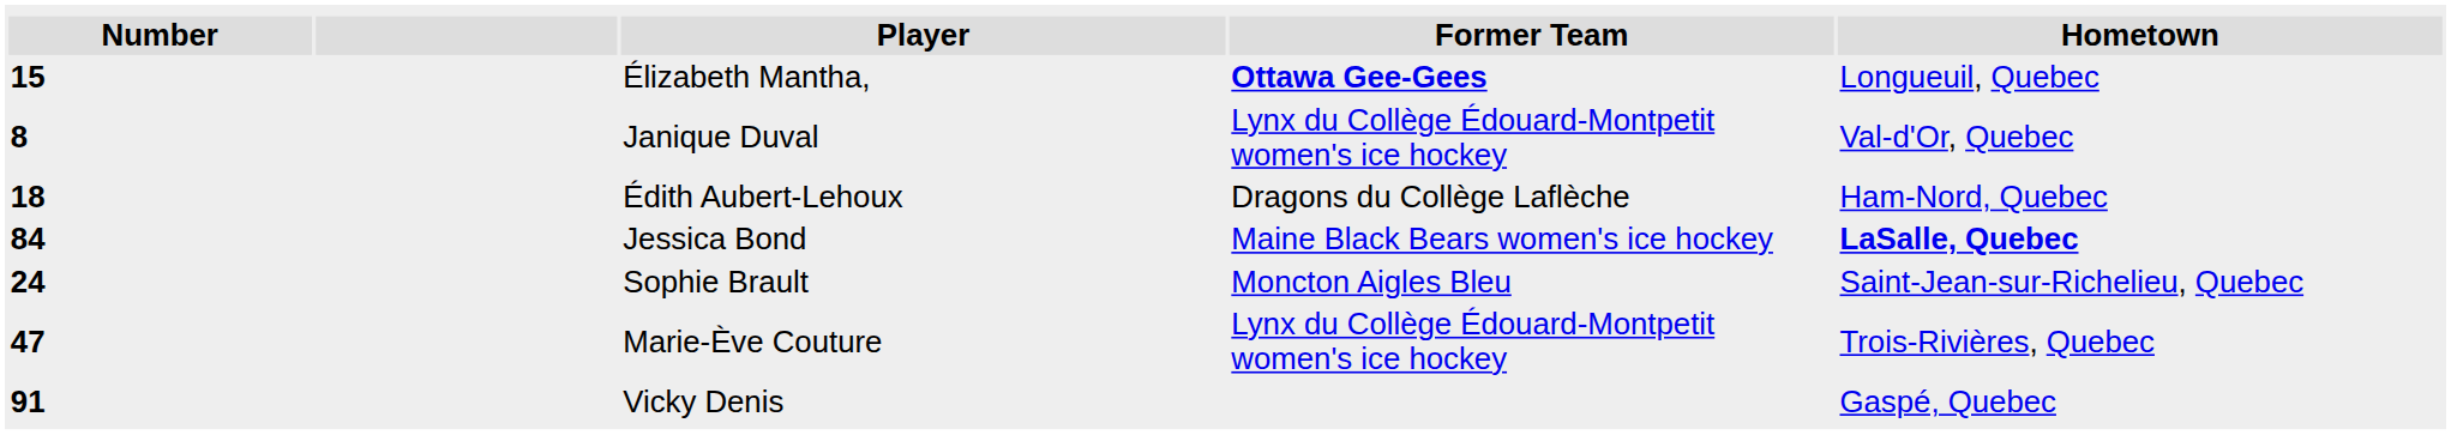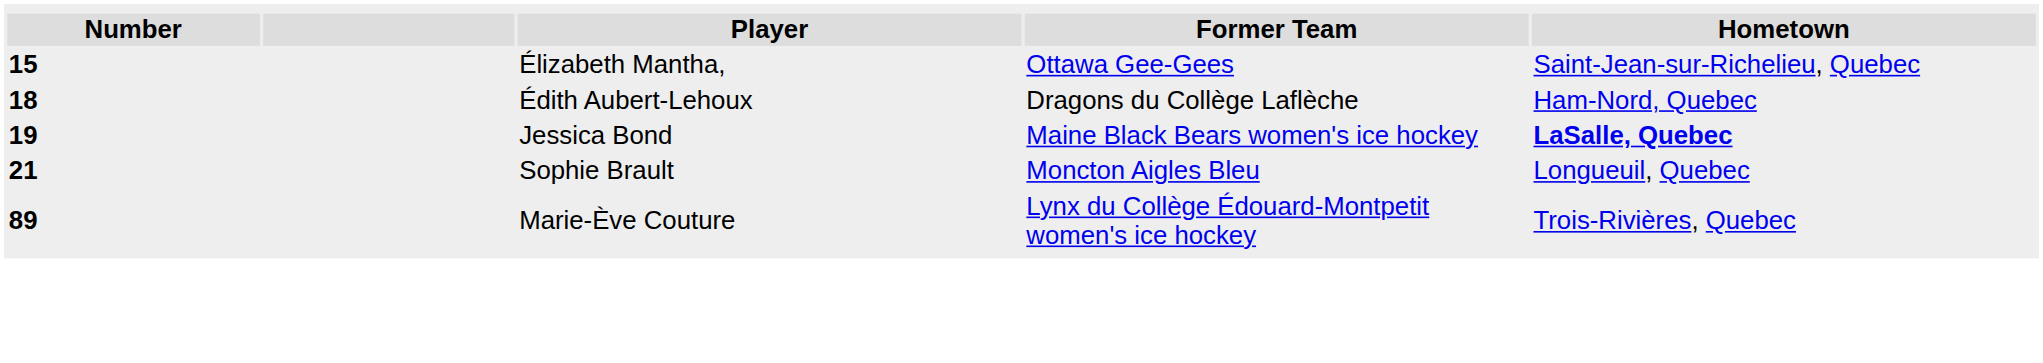 <table style="texti-align:center; background:#eeeeee;">
 <tr>
 <th colspan=2></th>
 </tr>
 <tr style="background:#dddddd;">
 <th width=5%>Number</th>
 <th width=5%></th>
 <th width=10%>Player</th>
 <th width=10%>Former Team</th>
 <th width=10%>Hometown</th>
 </tr>
 <tr>
 <td><strong>15</strong></td>
 <td></td>
 <td>Élizabeth Mantha,</td>
-<td><strong><a href='#'>Ottawa Gee-Gees</a></strong></td>
-<td><a href='#'>Longueuil</a>, <a href='#'>Quebec</a></td>
-</tr>
-<tr>
-<td><strong>8</strong></td>
-<td></td>
-<td>Janique Duval</td>
-<td><a href='#'>Lynx du Collège Édouard-Montpetit women's ice hockey</a></td>
-<td><a href='#'>Val-d'Or</a>, <a href='#'>Quebec</a></td>
+<td><a href='#'>Ottawa Gee-Gees</a></td>
+<td><a href='#'>Saint-Jean-sur-Richelieu</a>, <a href='#'>Quebec</a></td>
 </tr>
 <tr>
 <td><strong>18</strong></td>
 <td></td>
 <td>Édith Aubert-Lehoux</td>
 <td>Dragons du Collège Laflèche</td>
 <td><a href='#'>Ham-Nord, Quebec</a></td>
 </tr>
 <tr>
-<td><strong>84</strong></td>
+<td><strong>19</strong></td>
 <td></td>
 <td>Jessica Bond</td>
 <td><a href='#'>Maine Black Bears women's ice hockey</a></td>
 <td><strong><a href='#'>LaSalle, Quebec</a></strong></td>
 </tr>
 <tr>
-<td><strong>24</strong></td>
+<td><strong>21</strong></td>
 <td></td>
 <td>Sophie Brault</td>
 <td><a href='#'>Moncton Aigles Bleu</a></td>
-<td><a href='#'>Saint-Jean-sur-Richelieu</a>, <a href='#'>Quebec</a></td>
+<td><a href='#'>Longueuil</a>, <a href='#'>Quebec</a></td>
 </tr>
 <tr>
-<td><strong>47</strong></td>
+<td><strong>89</strong></td>
 <td></td>
 <td>Marie-Ève Couture</td>
 <td><a href='#'>Lynx du Collège Édouard-Montpetit women's ice hockey</a></td>
 <td><a href='#'>Trois-Rivières</a>, <a href='#'>Quebec</a></td>
 </tr>
 <tr>
-<td><strong>91</strong></td>
-<td></td>
-<td>Vicky Denis</td>
-<td></td>
-<td><a href='#'>Gaspé, Quebec</a></td>
-</tr>
-<tr>
 </tr>
 </table>
